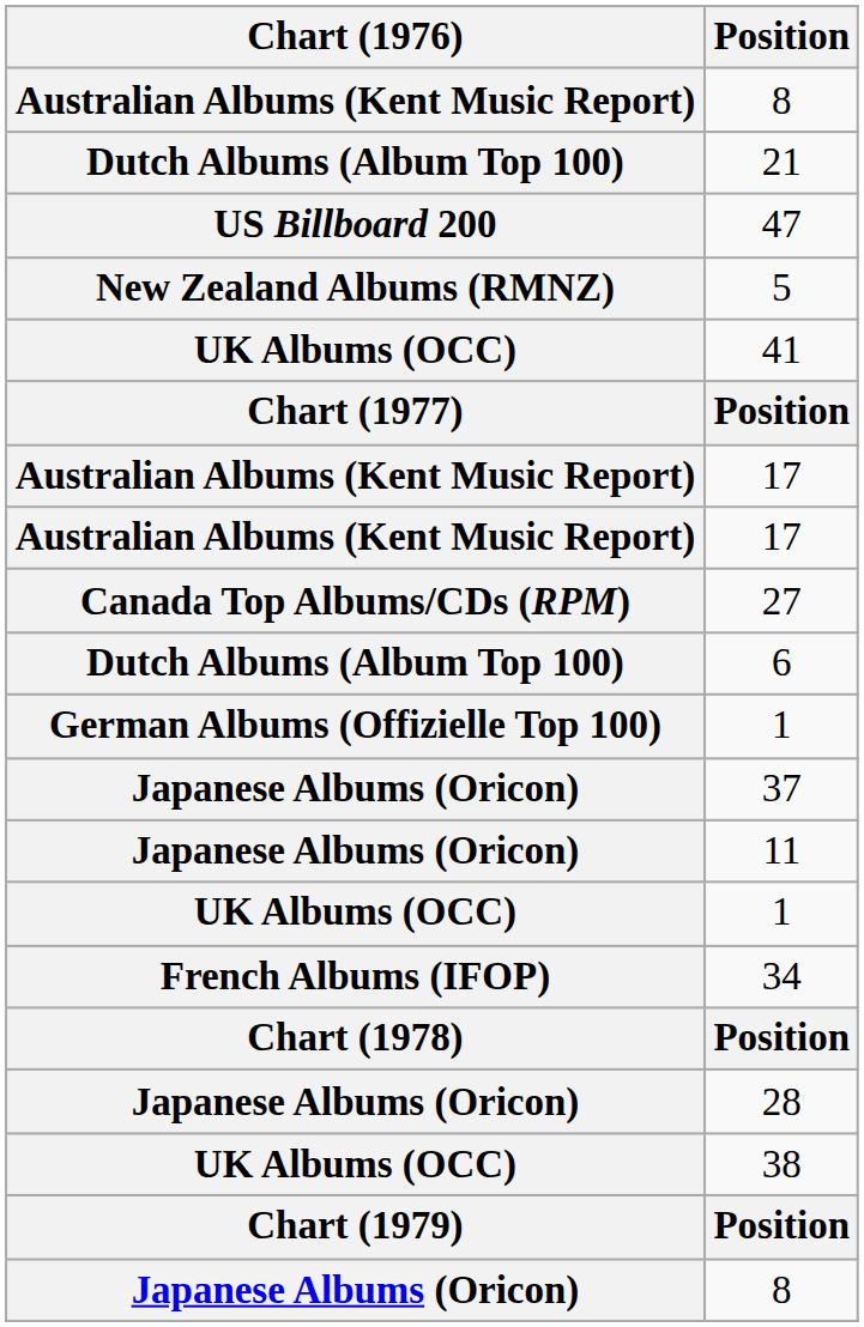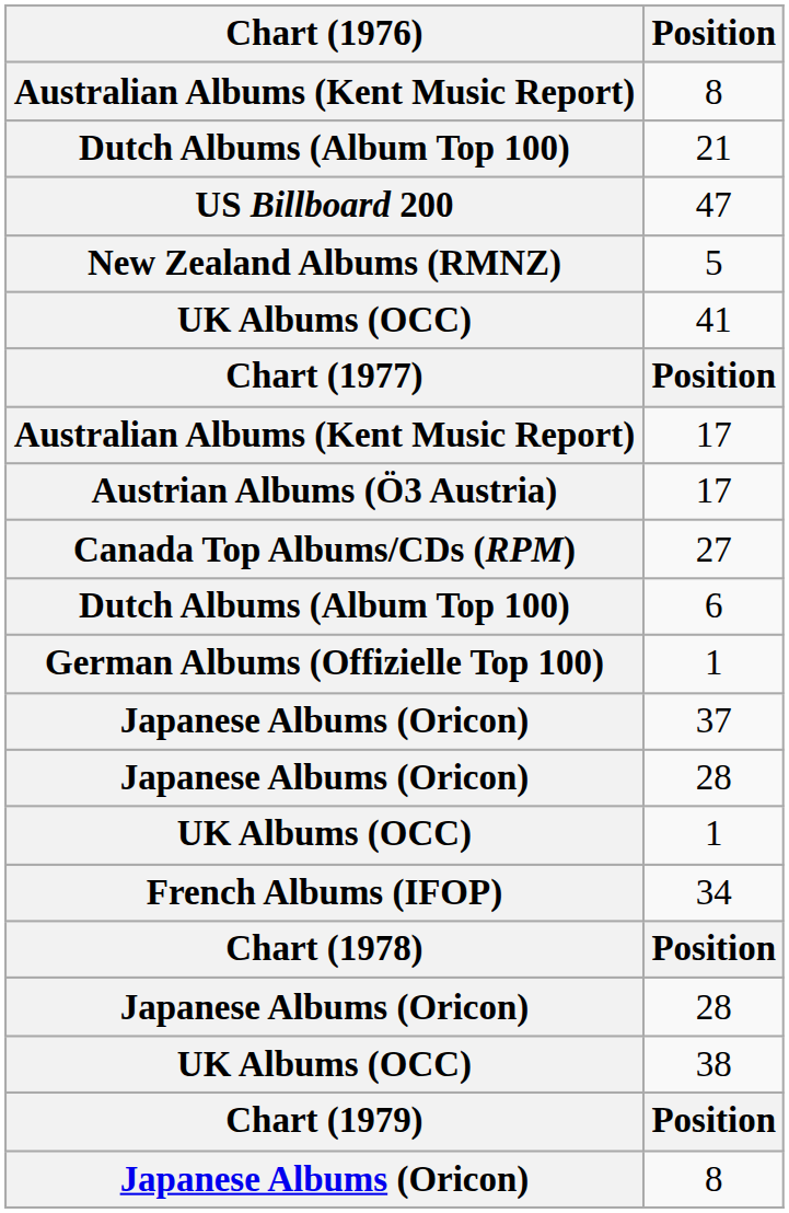 <table class="wikitable sortable plainrowheaders" style="text-align:center">
 <tr>
 <th scope="col">Chart (1976)</th>
 <th scope="col">Position</th>
 </tr>
 <tr>
 <th scope="row">Australian Albums (Kent Music Report)</th>
 <td>8</td>
 </tr>
 <tr>
 <th scope="row">Dutch Albums (Album Top 100)</th>
 <td>21</td>
 </tr>
 <tr>
 <th scope="row">US <em>Billboard</em> 200</th>
 <td>47</td>
 </tr>
 <tr>
 <th scope="row">New Zealand Albums (RMNZ)</th>
 <td>5</td>
 </tr>
 <tr>
 <th scope="row">UK Albums (OCC)</th>
 <td>41</td>
 </tr>
 <tr>
 <th>Chart (1977)</th>
 <th>Position</th>
 </tr>
 <tr>
 <th scope="row">Australian Albums (Kent Music Report)</th>
 <td>17</td>
 </tr>
 <tr>
-<th scope="row">Australian Albums (Kent Music Report)</th>
+<th scope="row">Austrian Albums (Ö3 Austria)</th>
 <td>17</td>
 </tr>
 <tr>
 <th scope="row">Canada Top Albums/CDs (<em>RPM</em>)</th>
 <td>27</td>
 </tr>
 <tr>
 <th scope="row">Dutch Albums (Album Top 100)</th>
 <td>6</td>
 </tr>
 <tr>
 <th scope="row">German Albums (Offizielle Top 100)</th>
 <td>1</td>
 </tr>
 <tr>
 <th scope="row">Japanese Albums (Oricon)</th>
 <td>37</td>
 </tr>
 <tr>
 <th scope="row">Japanese Albums (Oricon)</th>
-<td>11</td>
+<td>28</td>
 </tr>
 <tr>
 <th scope="row">UK Albums (OCC)</th>
 <td>1</td>
 </tr>
 <tr>
 <th scope="row">French Albums (IFOP)</th>
 <td>34</td>
 </tr>
 <tr>
 <th>Chart (1978)</th>
 <th>Position</th>
 </tr>
 <tr>
 <th scope="row">Japanese Albums (Oricon)</th>
 <td>28</td>
 </tr>
 <tr>
 <th scope="row">UK Albums (OCC)</th>
 <td>38</td>
 </tr>
 <tr>
 <th>Chart (1979)</th>
 <th>Position</th>
 </tr>
 <tr>
 <th scope="row"><a href='#'>Japanese Albums</a> (Oricon)</th>
 <td>8</td>
 </tr>
 <tr>
 </tr>
 </table>
